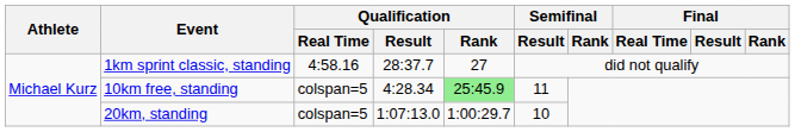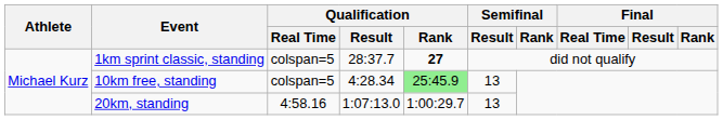 <table class="wikitable" style="font-size:100%">
 <tr>
 <th rowspan="2">Athlete</th>
 <th rowspan="2">Event</th>
 <th colspan="3">Qualification</th>
 <th colspan="2">Semifinal</th>
 <th colspan="3">Final</th>
 </tr>
 <tr>
 <th>Real Time</th>
 <th>Result</th>
 <th>Rank</th>
 <th>Result</th>
 <th>Rank</th>
 <th>Real Time</th>
 <th>Result</th>
 <th>Rank</th>
 </tr>
 <tr>
 <td rowspan=3><a href='#'>Michael Kurz</a></td>
 <td><a href='#'>1km sprint classic, standing</a></td>
-<td align="center">4:58.16</td>
+<td>colspan=5 </td>
 <td align="center">28:37.7</td>
-<td align="center">27</td>
+<td align="center"><strong>27</strong></td>
 <td colspan=5 align="center">did not qualify</td>
 </tr>
 <tr>
 <td><a href='#'>10km free, standing</a></td>
 <td>colspan=5 </td>
 <td align="center">4:28.34</td>
 <td align="center" style="background: lightgreen;">25:45.9</td>
-<td align="center">11</td>
+<td align="center">13</td>
 </tr>
 <tr>
 <td><a href='#'>20km, standing</a></td>
-<td>colspan=5 </td>
+<td align="center">4:58.16</td>
 <td align="center">1:07:13.0</td>
 <td align="center">1:00:29.7</td>
-<td align="center">10</td>
+<td align="center">13</td>
 </tr>
 </table>
